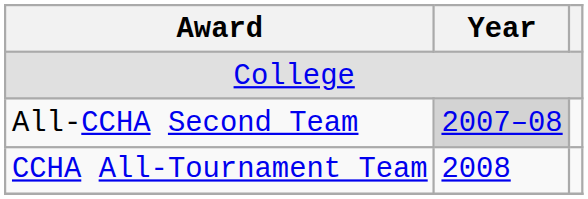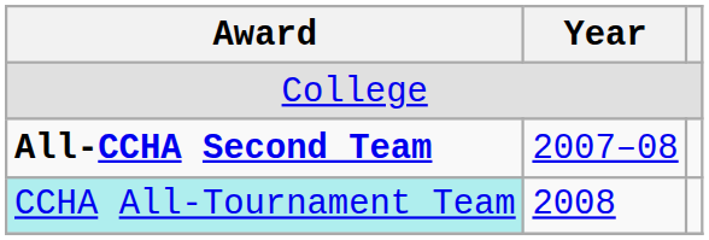 <table class="wikitable">
 <tr>
 <th>Award</th>
 <th>Year</th>
 <th></th>
 </tr>
 <tr ALIGN="center" bgcolor="#e0e0e0">
 <td colspan="3"><a href='#'>College</a></td>
 </tr>
 <tr>
-<td>All-<a href='#'>CCHA</a> <a href='#'>Second Team</a></td>
-<td style="background: lightgrey;"><a href='#'>2007–08</a></td>
+<td><strong>All-<a href='#'>CCHA</a> <a href='#'>Second Team</a></strong></td>
+<td><a href='#'>2007–08</a></td>
 <td></td>
 </tr>
 <tr>
-<td><a href='#'>CCHA</a> <a href='#'>All-Tournament Team</a></td>
+<td style="background: paleturquoise;"><a href='#'>CCHA</a> <a href='#'>All-Tournament Team</a></td>
 <td><a href='#'>2008</a></td>
 <td></td>
 </tr>
 <tr>
 </tr>
 </table>
